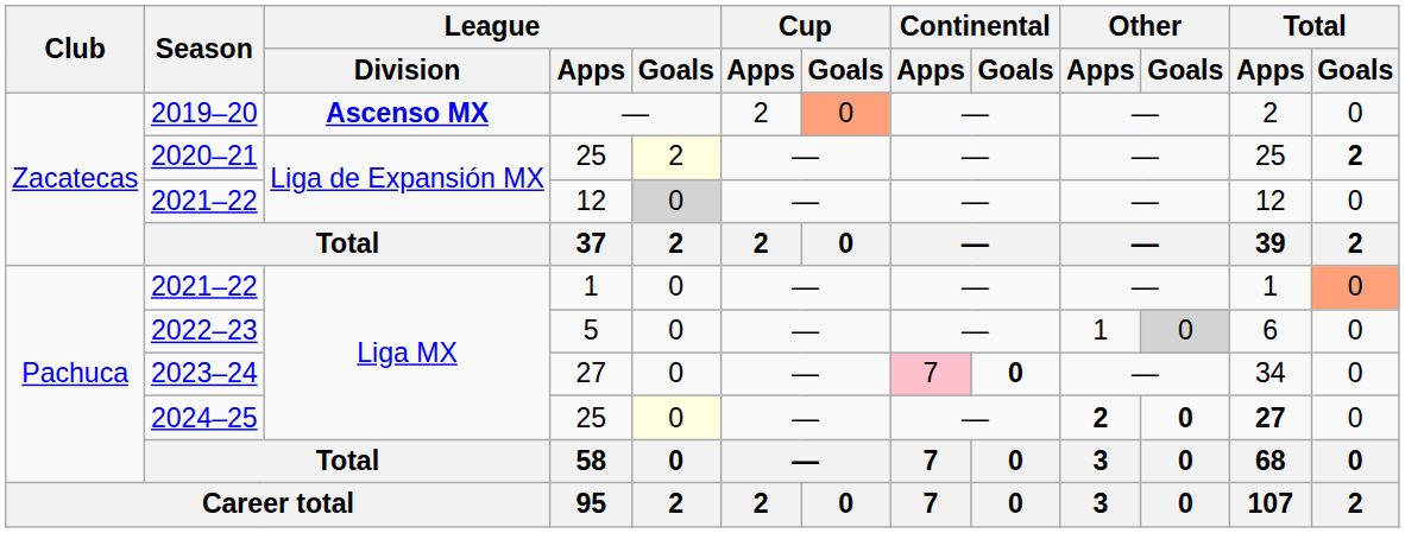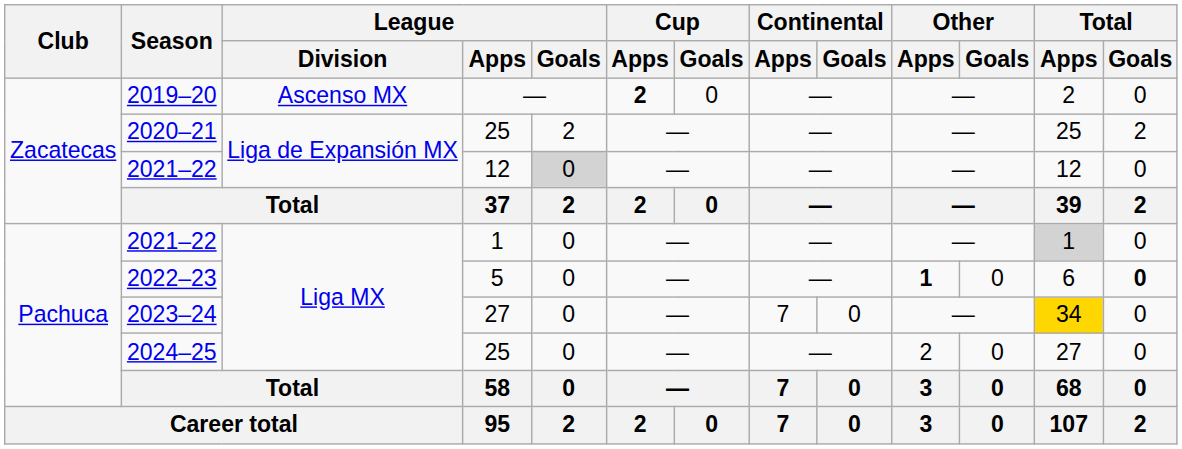 <table class="wikitable" style="text-align: center">
 <tr>
 <th rowspan="2">Club</th>
 <th rowspan="2">Season</th>
 <th colspan="3">League</th>
 <th colspan="2">Cup</th>
 <th colspan="2">Continental</th>
 <th colspan="2">Other</th>
 <th colspan="2">Total</th>
 </tr>
 <tr>
 <th>Division</th>
 <th>Apps</th>
 <th>Goals</th>
 <th>Apps</th>
 <th>Goals</th>
 <th>Apps</th>
 <th>Goals</th>
 <th>Apps</th>
 <th>Goals</th>
 <th>Apps</th>
 <th>Goals</th>
 </tr>
 <tr>
 <td rowspan="4"><a href='#'>Zacatecas</a></td>
 <td><a href='#'>2019–20</a></td>
-<td><strong><a href='#'>Ascenso MX</a></strong></td>
+<td><a href='#'>Ascenso MX</a></td>
 <td colspan="2">—</td>
-<td>2</td>
-<td style="background: lightsalmon;">0</td>
+<td><strong>2</strong></td>
+<td>0</td>
 <td colspan="2">—</td>
 <td colspan="2">—</td>
 <td>2</td>
 <td>0</td>
 </tr>
 <tr>
 <td><a href='#'>2020–21</a></td>
 <td rowspan="2"><a href='#'>Liga de Expansión MX</a></td>
 <td>25</td>
-<td style="background: lightyellow;">2</td>
+<td>2</td>
 <td colspan="2">—</td>
 <td colspan="2">—</td>
 <td colspan="2">—</td>
 <td>25</td>
-<td><strong>2</strong></td>
+<td>2</td>
 </tr>
 <tr>
 <td><a href='#'>2021–22</a></td>
 <td>12</td>
 <td style="background: lightgrey;">0</td>
 <td colspan="2">—</td>
 <td colspan="2">—</td>
 <td colspan="2">—</td>
 <td>12</td>
 <td>0</td>
 </tr>
 <tr>
 <th colspan="2">Total</th>
 <th>37</th>
 <th>2</th>
 <th>2</th>
 <th>0</th>
 <th colspan="2">—</th>
 <th colspan="2">—</th>
 <th>39</th>
 <th>2</th>
 </tr>
 <tr>
 <td rowspan="5"><a href='#'>Pachuca</a></td>
 <td><a href='#'>2021–22</a></td>
 <td rowspan="4"><a href='#'>Liga MX</a></td>
 <td>1</td>
 <td>0</td>
 <td colspan="2">—</td>
 <td colspan="2">—</td>
 <td colspan="2">—</td>
-<td>1</td>
-<td style="background: lightsalmon;">0</td>
+<td style="background: lightgrey;">1</td>
+<td>0</td>
 </tr>
 <tr>
 <td><a href='#'>2022–23</a></td>
 <td>5</td>
 <td>0</td>
 <td colspan="2">—</td>
 <td colspan="2">—</td>
-<td>1</td>
-<td style="background: lightgrey;">0</td>
+<td><strong>1</strong></td>
+<td>0</td>
 <td>6</td>
-<td>0</td>
+<td><strong>0</strong></td>
 </tr>
 <tr>
 <td><a href='#'>2023–24</a></td>
 <td>27</td>
 <td>0</td>
 <td colspan="2">—</td>
-<td style="background: pink;">7</td>
-<td><strong>0</strong></td>
+<td>7</td>
+<td>0</td>
 <td colspan="2">—</td>
-<td>34</td>
+<td style="background: gold;">34</td>
 <td>0</td>
 </tr>
 <tr>
 <td><a href='#'>2024–25</a></td>
 <td>25</td>
-<td style="background: lightyellow;">0</td>
+<td>0</td>
 <td colspan="2">—</td>
 <td colspan="2">—</td>
-<td><strong>2</strong></td>
-<td><strong>0</strong></td>
-<td><strong>27</strong></td>
+<td>2</td>
+<td>0</td>
+<td>27</td>
 <td>0</td>
 </tr>
 <tr>
 <th colspan="2">Total</th>
 <th>58</th>
 <th>0</th>
 <th colspan="2">—</th>
 <th>7</th>
 <th>0</th>
 <th>3</th>
 <th>0</th>
 <th>68</th>
 <th>0</th>
 </tr>
 <tr>
 <th colspan="3"><strong>Career total</strong></th>
 <th>95</th>
 <th>2</th>
 <th>2</th>
 <th>0</th>
 <th>7</th>
 <th>0</th>
 <th>3</th>
 <th>0</th>
 <th>107</th>
 <th>2</th>
 </tr>
 </table>
